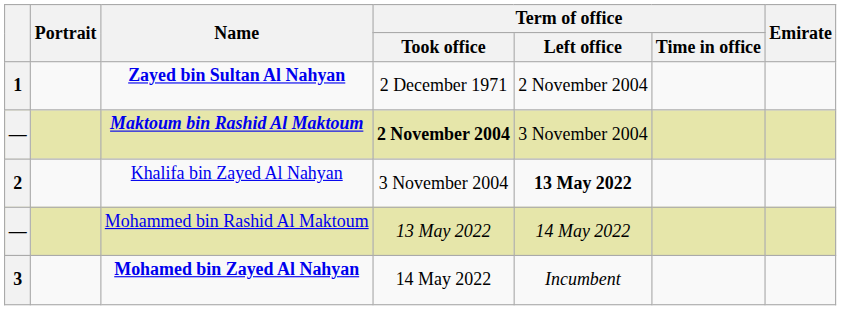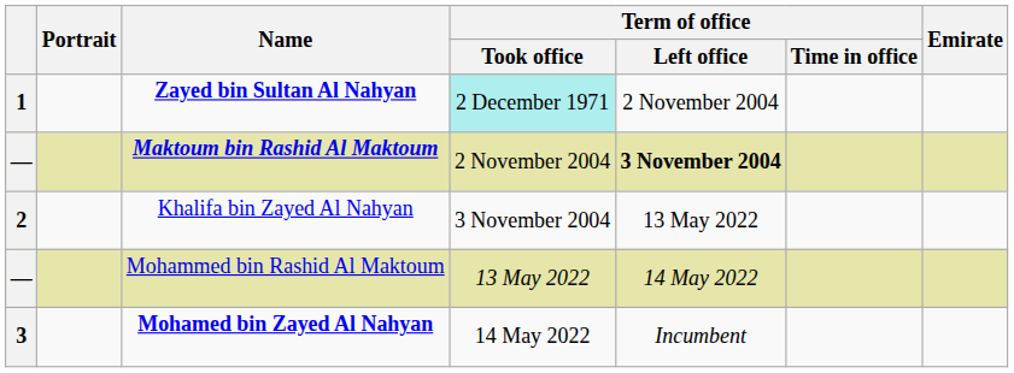 <table class="wikitable" style="text-align:center">
 <tr>
 <th rowspan="2"></th>
 <th rowspan="2">Portrait</th>
 <th rowspan="2">Name</th>
 <th colspan="3">Term of office</th>
 <th rowspan="2">Emirate</th>
 </tr>
 <tr>
 <th>Took office</th>
 <th>Left office</th>
 <th>Time in office</th>
 </tr>
 <tr>
 <th>1</th>
 <td></td>
 <td><strong><a href='#'>Zayed bin Sultan Al Nahyan</a></strong><br><br></td>
-<td>2 December 1971</td>
+<td style="background: paleturquoise;">2 December 1971</td>
 <td>2 November 2004<br></td>
 <td></td>
 <td></td>
 </tr>
 <tr style="background:#e6e6aa;">
 <th>—</th>
 <td></td>
 <td><strong><em><a href='#'>Maktoum bin Rashid Al Maktoum</a><strong><br><br><em></td>
-<td><strong></em>2 November 2004<em></strong></td>
-<td></em>3 November 2004<em></td>
+<td></em>2 November 2004<em></td>
+<td><strong></em>3 November 2004<em></strong></td>
 <td></em><em></td>
 <td></em><em></td>
 </tr>
 <tr>
 <th>2</th>
 <td></td>
 <td></strong><a href='#'>Khalifa bin Zayed Al Nahyan</a><strong><br><br></td>
 <td>3 November 2004</td>
-<td><strong>13 May 2022<br></strong></td>
+<td>13 May 2022<br></td>
 <td></td>
 <td></td>
 </tr>
 <tr style="background:#e6e6aa;">
 <th>—</th>
 <td></td>
 <td></em></strong><a href='#'>Mohammed bin Rashid Al Maktoum</a></strong><br><br></em></td>
 <td><em>13 May 2022</em></td>
 <td><em>14 May 2022</em></td>
 <td><em></em></td>
 <td><em></em></td>
 </tr>
 <tr>
 <th>3</th>
 <td></td>
 <td><strong><a href='#'>Mohamed bin Zayed Al Nahyan</a></strong><br><br></td>
 <td>14 May 2022</td>
 <td><em>Incumbent</em></td>
 <td></td>
 <td></td>
 </tr>
 </table>
